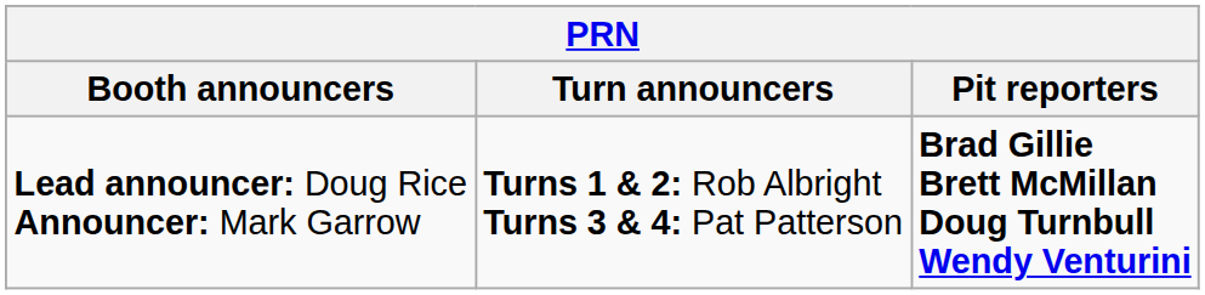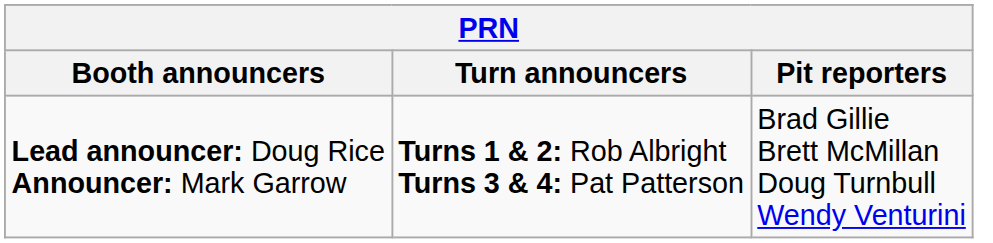 <table class="wikitable" style="font-size: 95%">
 <tr>
 <th colspan="3"><a href='#'>PRN</a></th>
 </tr>
 <tr>
 <th>Booth announcers</th>
 <th>Turn announcers</th>
 <th>Pit reporters</th>
 </tr>
 <tr>
 <td><strong>Lead announcer:</strong> Doug Rice<br><strong>Announcer:</strong> Mark Garrow</td>
 <td><strong>Turns 1 & 2:</strong> Rob Albright <br><strong>Turns 3 & 4:</strong> Pat Patterson</td>
-<td><strong>Brad Gillie<br>Brett McMillan<br>Doug Turnbull<br><a href='#'>Wendy Venturini</a></strong></td>
+<td>Brad Gillie<br>Brett McMillan<br>Doug Turnbull<br><a href='#'>Wendy Venturini</a></td>
 </tr>
 </table>
